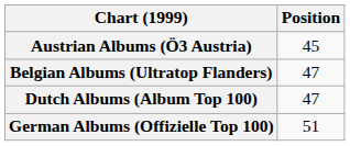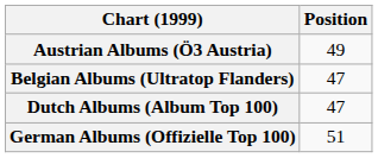 <table class="wikitable sortable plainrowheaders">
 <tr>
 <th>Chart (1999)</th>
 <th>Position</th>
 </tr>
 <tr>
 <th scope="row">Austrian Albums (Ö3 Austria)</th>
-<td align="center">45</td>
+<td align="center">49</td>
 </tr>
 <tr>
 <th scope="row">Belgian Albums (Ultratop Flanders)</th>
 <td align="center">47</td>
 </tr>
 <tr>
 <th scope="row">Dutch Albums (Album Top 100)</th>
 <td align="center">47</td>
 </tr>
 <tr>
 <th scope="row">German Albums (Offizielle Top 100)</th>
 <td align="center">51</td>
 </tr>
 </table>
